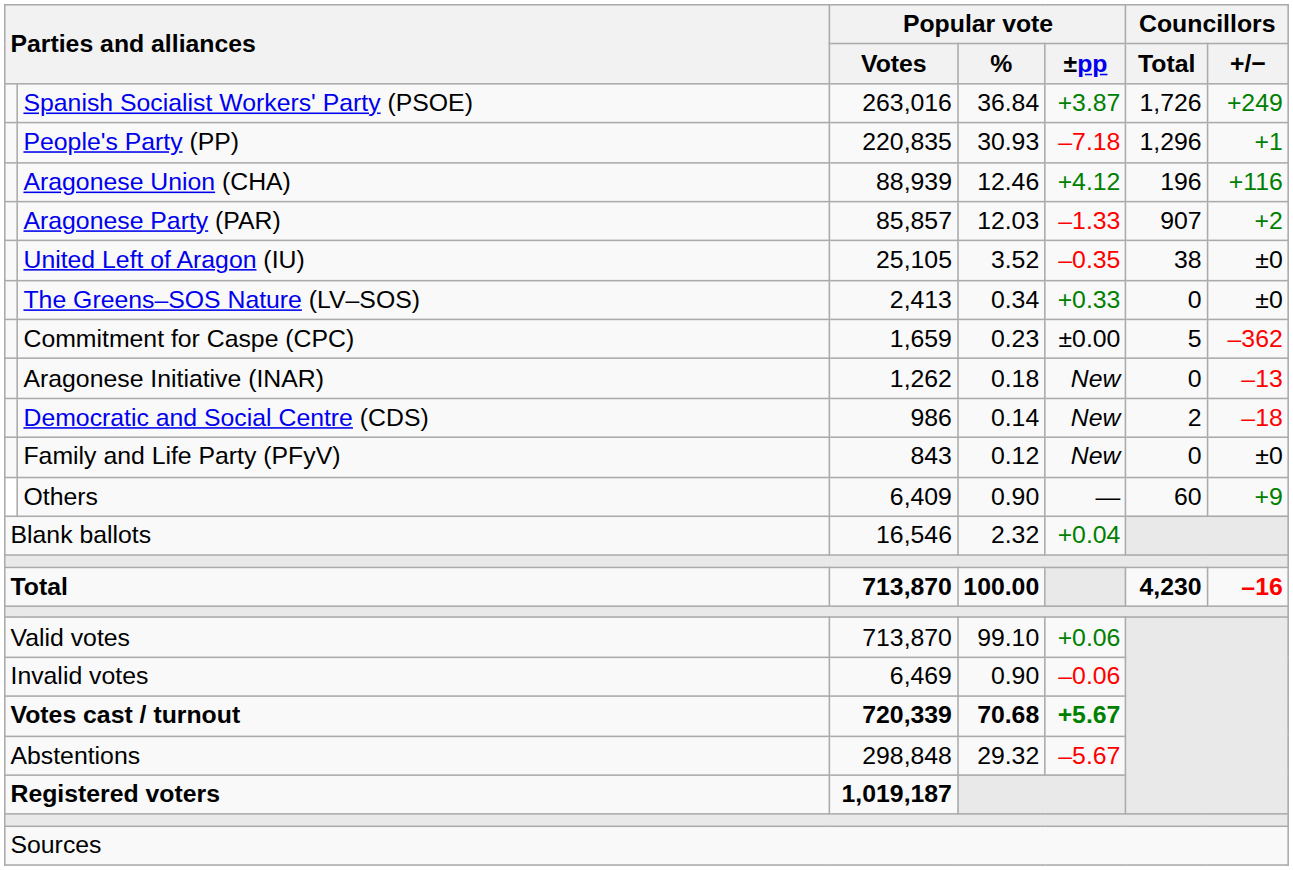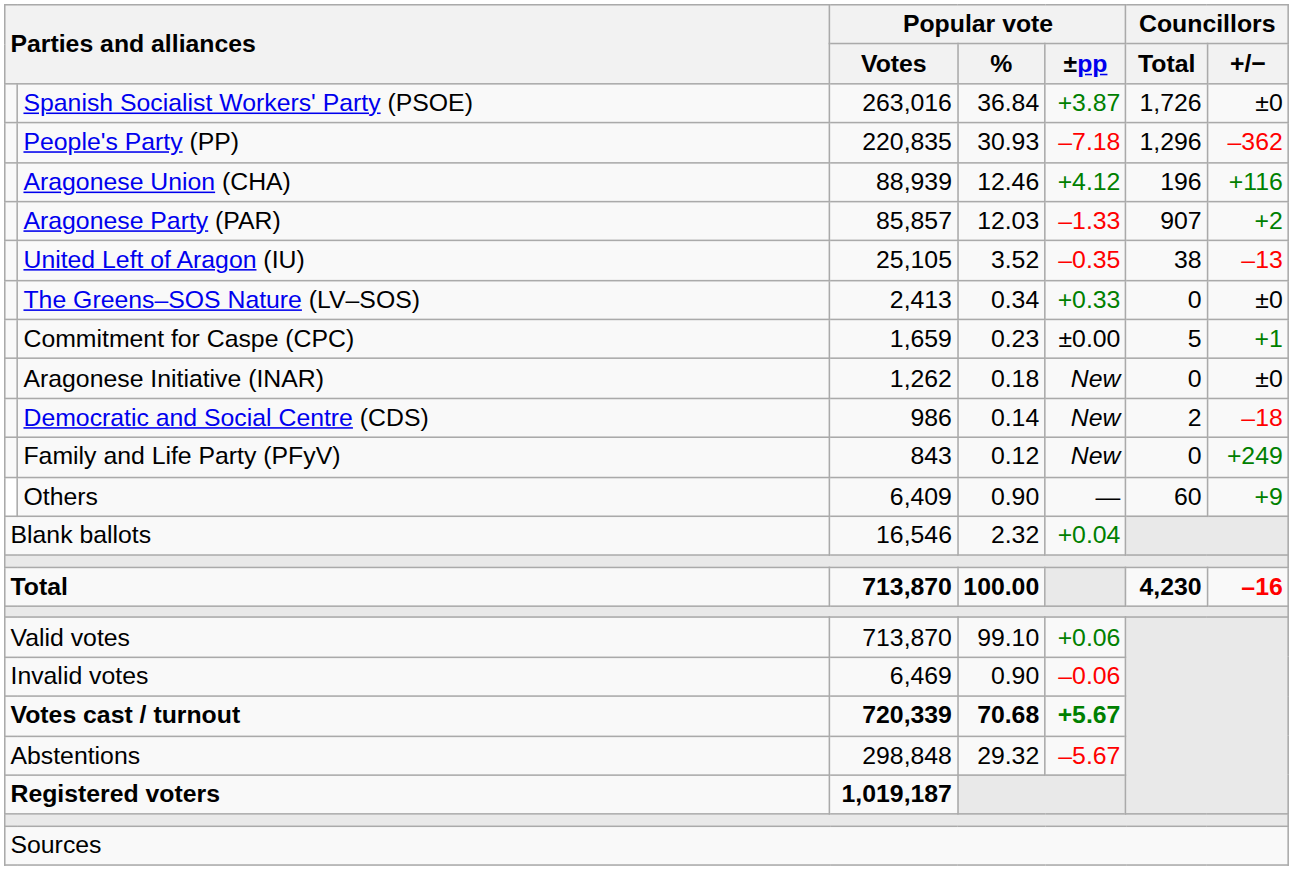 <table class="wikitable" style="text-align:right;">
 <tr>
 <th style="text-align:left;" rowspan="2" colspan="2" width="525">Parties and alliances</th>
 <th colspan="3">Popular vote</th>
 <th colspan="2">Councillors</th>
 </tr>
 <tr>
 <th width="75">Votes</th>
 <th width="45">%</th>
 <th width="45">±<a href='#'>pp</a></th>
 <th width="45">Total</th>
 <th width="45">+/−</th>
 </tr>
 <tr>
 <td width="1" style="color:inherit;background:"></td>
 <td align="left"><a href='#'>Spanish Socialist Workers' Party</a> (PSOE)</td>
 <td>263,016</td>
 <td>36.84</td>
 <td style="color:green;">+3.87</td>
 <td>1,726</td>
-<td style="color:green;">+249</td>
+<td>±0</td>
 </tr>
 <tr>
 <td style="color:inherit;background:"></td>
 <td align="left"><a href='#'>People's Party</a> (PP)</td>
 <td>220,835</td>
 <td>30.93</td>
 <td style="color:red;">–7.18</td>
 <td>1,296</td>
-<td style="color:green;">+1</td>
+<td style="color:red;">–362</td>
 </tr>
 <tr>
 <td style="color:inherit;background:"></td>
 <td align="left"><a href='#'>Aragonese Union</a> (CHA)</td>
 <td>88,939</td>
 <td>12.46</td>
 <td style="color:green;">+4.12</td>
 <td>196</td>
 <td style="color:green;">+116</td>
 </tr>
 <tr>
 <td style="color:inherit;background:"></td>
 <td align="left"><a href='#'>Aragonese Party</a> (PAR)</td>
 <td>85,857</td>
 <td>12.03</td>
 <td style="color:red;">–1.33</td>
 <td>907</td>
 <td style="color:green;">+2</td>
 </tr>
 <tr>
 <td style="color:inherit;background:"></td>
 <td align="left"><a href='#'>United Left of Aragon</a> (IU)</td>
 <td>25,105</td>
 <td>3.52</td>
 <td style="color:red;">–0.35</td>
 <td>38</td>
-<td>±0</td>
+<td style="color:red;">–13</td>
 </tr>
 <tr>
 <td style="color:inherit;background:"></td>
 <td align="left"><a href='#'>The Greens–SOS Nature</a> (LV–SOS)</td>
 <td>2,413</td>
 <td>0.34</td>
 <td style="color:green;">+0.33</td>
 <td>0</td>
 <td>±0</td>
 </tr>
 <tr>
 <td style="color:inherit;background:"></td>
 <td align="left">Commitment for Caspe (CPC)</td>
 <td>1,659</td>
 <td>0.23</td>
 <td>±0.00</td>
 <td>5</td>
-<td style="color:red;">–362</td>
+<td style="color:green;">+1</td>
 </tr>
 <tr>
 <td style="color:inherit;background:"></td>
 <td align="left">Aragonese Initiative (INAR)</td>
 <td>1,262</td>
 <td>0.18</td>
 <td><em>New</em></td>
 <td>0</td>
-<td style="color:red;">–13</td>
+<td>±0</td>
 </tr>
 <tr>
 <td style="color:inherit;background:"></td>
 <td align="left"><a href='#'>Democratic and Social Centre</a> (CDS)</td>
 <td>986</td>
 <td>0.14</td>
 <td><em>New</em></td>
 <td>2</td>
 <td style="color:red;">–18</td>
 </tr>
 <tr>
 <td style="color:inherit;background:"></td>
 <td align="left">Family and Life Party (PFyV)</td>
 <td>843</td>
 <td>0.12</td>
 <td><em>New</em></td>
 <td>0</td>
-<td>±0</td>
+<td style="color:green;">+249</td>
 </tr>
 <tr>
 <td bgcolor="white"></td>
 <td align="left">Others</td>
 <td>6,409</td>
 <td>0.90</td>
 <td>—</td>
 <td>60</td>
 <td style="color:green;">+9</td>
 </tr>
 <tr>
 <td align="left" colspan="2">Blank ballots</td>
 <td>16,546</td>
 <td>2.32</td>
 <td style="color:green;">+0.04</td>
 <td bgcolor="#E9E9E9" colspan="2"></td>
 </tr>
 <tr>
 <td colspan="7" bgcolor="#E9E9E9"></td>
 </tr>
 <tr style="font-weight:bold;">
 <td align="left" colspan="2">Total</td>
 <td>713,870</td>
 <td>100.00</td>
 <td bgcolor="#E9E9E9"></td>
 <td>4,230</td>
 <td style="color:red;">–16</td>
 </tr>
 <tr>
 <td colspan="7" bgcolor="#E9E9E9"></td>
 </tr>
 <tr>
 <td align="left" colspan="2">Valid votes</td>
 <td>713,870</td>
 <td>99.10</td>
 <td style="color:green;">+0.06</td>
 <td bgcolor="#E9E9E9" colspan="2" rowspan="5"></td>
 </tr>
 <tr>
 <td align="left" colspan="2">Invalid votes</td>
 <td>6,469</td>
 <td>0.90</td>
 <td style="color:red;">–0.06</td>
 </tr>
 <tr style="font-weight:bold;">
 <td align="left" colspan="2">Votes cast / turnout</td>
 <td>720,339</td>
 <td>70.68</td>
 <td style="color:green;">+5.67</td>
 </tr>
 <tr>
 <td align="left" colspan="2">Abstentions</td>
 <td>298,848</td>
 <td>29.32</td>
 <td style="color:red;">–5.67</td>
 </tr>
 <tr style="font-weight:bold;">
 <td align="left" colspan="2">Registered voters</td>
 <td>1,019,187</td>
 <td bgcolor="#E9E9E9" colspan="2"></td>
 </tr>
 <tr>
 <td colspan="7" bgcolor="#E9E9E9"></td>
 </tr>
 <tr>
 <td align="left" colspan="7">Sources</td>
 </tr>
 </table>
